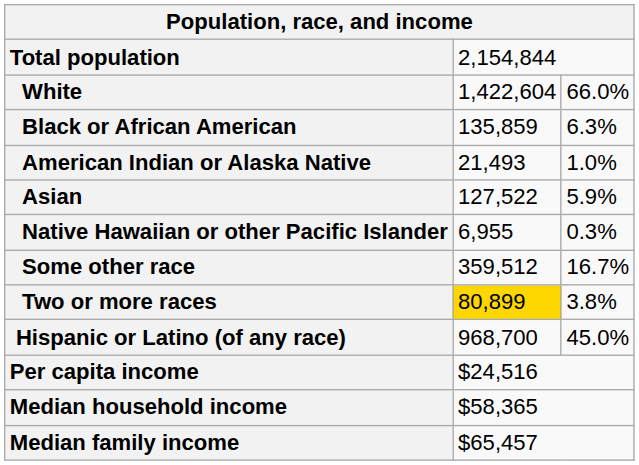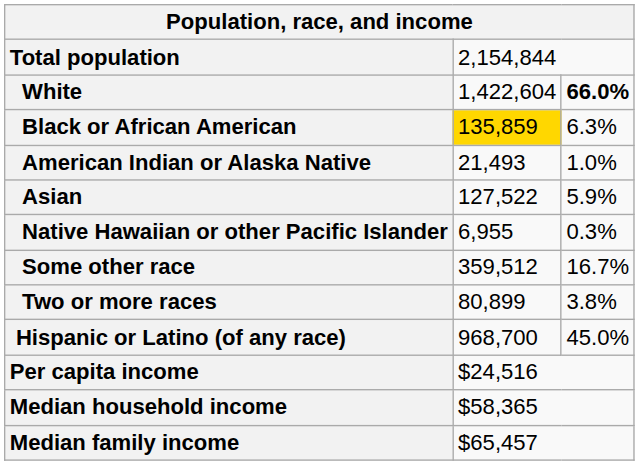 <table class="wikitable collapsible collapsed">
 <tr>
 <th colspan=6>Population, race, and income</th>
 </tr>
 <tr>
 <th scope="row" style="text-align: left;">Total population</th>
 <td colspan=2>2,154,844</td>
 </tr>
 <tr>
 <th scope="row" style="text-align: left;">  White</th>
 <td>1,422,604</td>
-<td>66.0%</td>
+<td><strong>66.0%</strong></td>
 </tr>
 <tr>
 <th scope="row" style="text-align: left;">  Black or African American</th>
-<td>135,859</td>
+<td style="background: gold;">135,859</td>
 <td>6.3%</td>
 </tr>
 <tr>
 <th scope="row" style="text-align: left;">  American Indian or Alaska Native</th>
 <td>21,493</td>
 <td>1.0%</td>
 </tr>
 <tr>
 <th scope="row" style="text-align: left;">  Asian</th>
 <td>127,522</td>
 <td>5.9%</td>
 </tr>
 <tr>
 <th scope="row" style="text-align: left;">  Native Hawaiian or other Pacific Islander</th>
 <td>6,955</td>
 <td>0.3%</td>
 </tr>
 <tr>
 <th scope="row" style="text-align: left;">  Some other race</th>
 <td>359,512</td>
 <td>16.7%</td>
 </tr>
 <tr>
 <th scope="row" style="text-align: left;">  Two or more races</th>
-<td style="background: gold;">80,899</td>
+<td>80,899</td>
 <td>3.8%</td>
 </tr>
 <tr>
 <th scope="row" style="text-align: left;"> Hispanic or Latino (of any race)</th>
 <td>968,700</td>
 <td>45.0%</td>
 </tr>
 <tr>
 <th scope="row" style="text-align: left;">Per capita income</th>
 <td colspan=2>$24,516</td>
 </tr>
 <tr>
 <th scope="row" style="text-align: left;">Median household income</th>
 <td colspan=2>$58,365</td>
 </tr>
 <tr>
 <th scope="row" style="text-align: left;">Median family income</th>
 <td colspan=2>$65,457</td>
 </tr>
 </table>
